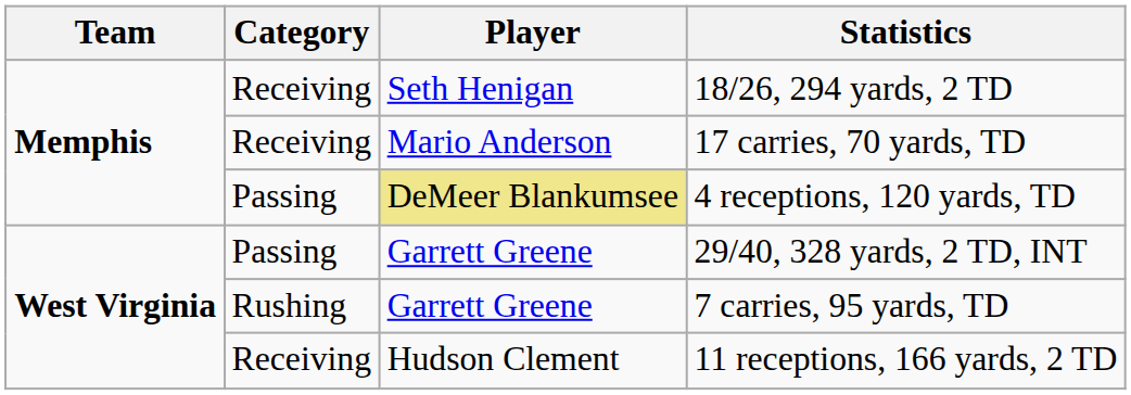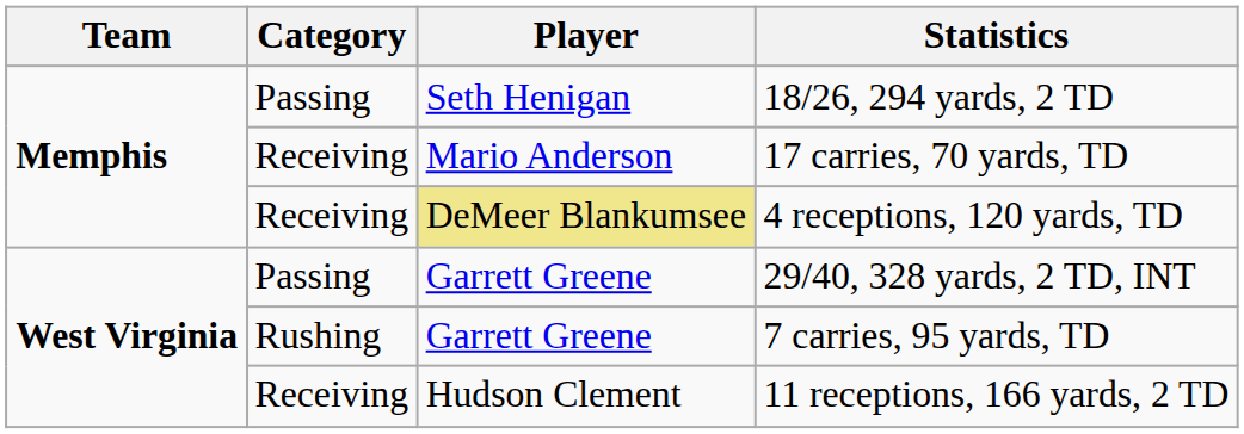 <table class="wikitable" style="float: right;">
 <tr>
 <th>Team</th>
 <th>Category</th>
 <th>Player</th>
 <th>Statistics</th>
 </tr>
 <tr>
 <td rowspan=3><strong>Memphis</strong></td>
-<td>Receiving</td>
+<td>Passing</td>
 <td><a href='#'>Seth Henigan</a></td>
 <td>18/26, 294 yards, 2 TD</td>
 </tr>
 <tr>
 <td>Receiving</td>
 <td><a href='#'>Mario Anderson</a></td>
 <td>17 carries, 70 yards, TD</td>
 </tr>
 <tr>
-<td>Passing</td>
+<td>Receiving</td>
 <td style="background: khaki;">DeMeer Blankumsee</td>
 <td>4 receptions, 120 yards, TD</td>
 </tr>
 <tr>
 <td rowspan=3><strong>West Virginia</strong></td>
 <td>Passing</td>
 <td><a href='#'>Garrett Greene</a></td>
 <td>29/40, 328 yards, 2 TD, INT</td>
 </tr>
 <tr>
 <td>Rushing</td>
 <td><a href='#'>Garrett Greene</a></td>
 <td>7 carries, 95 yards, TD</td>
 </tr>
 <tr>
 <td>Receiving</td>
 <td>Hudson Clement</td>
 <td>11 receptions, 166 yards, 2 TD</td>
 </tr>
 </table>
